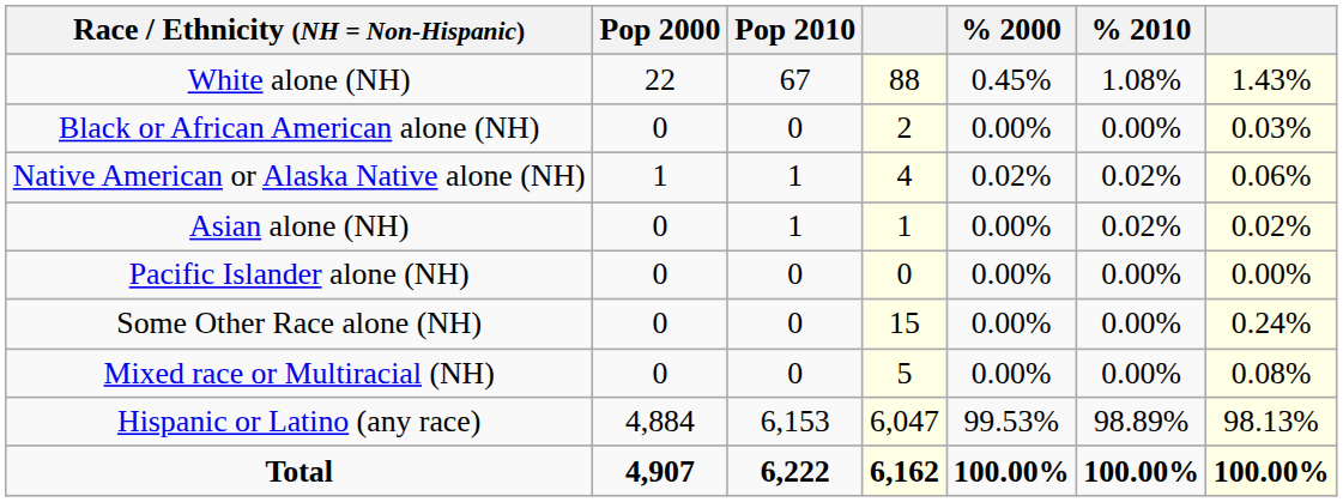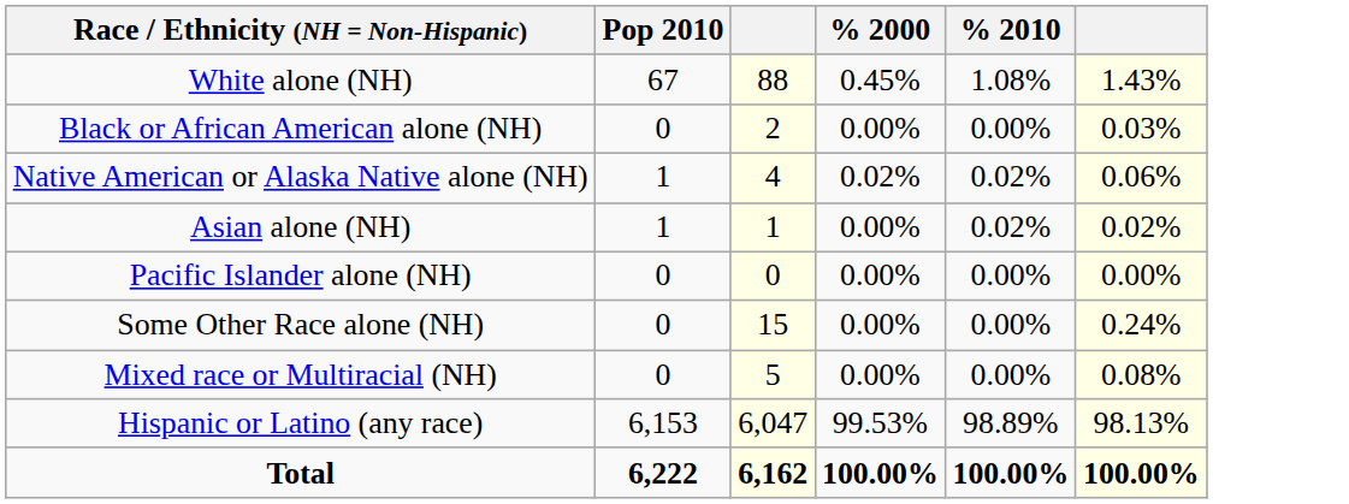 <table class="wikitable" style="text-align:center;">
 <tr>
 <th>Race / Ethnicity <small>(<em>NH = Non-Hispanic</em>)</small></th>
-<th>Pop 2000</th>
 <th>Pop 2010</th>
 <th></th>
 <th>% 2000</th>
 <th>% 2010</th>
 <th></th>
 </tr>
 <tr>
 <td><a href='#'>White</a> alone (NH)</td>
-<td>22</td>
 <td>67</td>
 <td style='background: #ffffe6;'>88</td>
 <td>0.45%</td>
 <td>1.08%</td>
 <td style='background: #ffffe6;'>1.43%</td>
 </tr>
 <tr>
 <td><a href='#'>Black or African American</a> alone (NH)</td>
 <td>0</td>
-<td>0</td>
 <td style='background: #ffffe6;'>2</td>
 <td>0.00%</td>
 <td>0.00%</td>
 <td style='background: #ffffe6;'>0.03%</td>
 </tr>
 <tr>
 <td><a href='#'>Native American</a> or <a href='#'>Alaska Native</a> alone (NH)</td>
 <td>1</td>
-<td>1</td>
 <td style='background: #ffffe6;'>4</td>
 <td>0.02%</td>
 <td>0.02%</td>
 <td style='background: #ffffe6;'>0.06%</td>
 </tr>
 <tr>
 <td><a href='#'>Asian</a> alone (NH)</td>
-<td>0</td>
 <td>1</td>
 <td style='background: #ffffe6;'>1</td>
 <td>0.00%</td>
 <td>0.02%</td>
 <td style='background: #ffffe6;'>0.02%</td>
 </tr>
 <tr>
 <td><a href='#'>Pacific Islander</a> alone (NH)</td>
 <td>0</td>
-<td>0</td>
 <td style='background: #ffffe6;'>0</td>
 <td>0.00%</td>
 <td>0.00%</td>
 <td style='background: #ffffe6;'>0.00%</td>
 </tr>
 <tr>
 <td>Some Other Race alone (NH)</td>
-<td>0</td>
 <td>0</td>
 <td style='background: #ffffe6;'>15</td>
 <td>0.00%</td>
 <td>0.00%</td>
 <td style='background: #ffffe6;'>0.24%</td>
 </tr>
 <tr>
 <td><a href='#'>Mixed race or Multiracial</a> (NH)</td>
 <td>0</td>
-<td>0</td>
 <td style='background: #ffffe6;'>5</td>
 <td>0.00%</td>
 <td>0.00%</td>
 <td style='background: #ffffe6;'>0.08%</td>
 </tr>
 <tr>
 <td><a href='#'>Hispanic or Latino</a> (any race)</td>
-<td>4,884</td>
 <td>6,153</td>
 <td style='background: #ffffe6;'>6,047</td>
 <td>99.53%</td>
 <td>98.89%</td>
 <td style='background: #ffffe6;'>98.13%</td>
 </tr>
 <tr>
 <td><strong>Total</strong></td>
-<td><strong>4,907</strong></td>
 <td><strong>6,222</strong></td>
 <td style='background: #ffffe6;'><strong>6,162</strong></td>
 <td><strong>100.00%</strong></td>
 <td><strong>100.00%</strong></td>
 <td style='background: #ffffe6;'><strong>100.00%</strong></td>
 </tr>
 </table>
